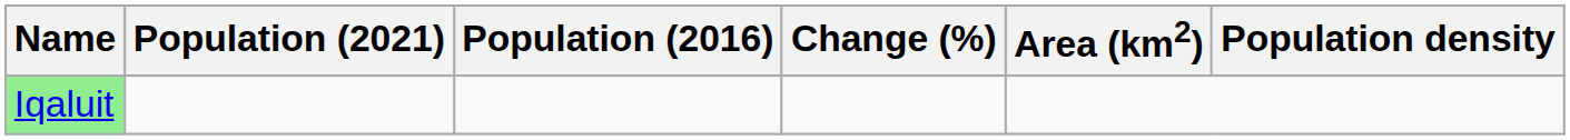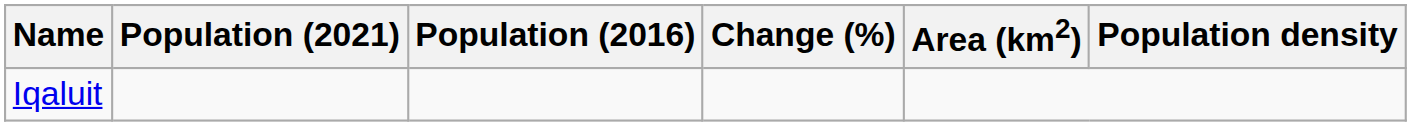 <table class="wikitable">
 <tr>
 <th>Name</th>
 <th>Population (2021)</th>
 <th>Population (2016)</th>
 <th>Change (%)</th>
 <th>Area (km<sup>2</sup>)</th>
 <th>Population density</th>
 </tr>
 <tr>
-<td style="background: lightgreen;"><a href='#'>Iqaluit</a></td>
+<td><a href='#'>Iqaluit</a></td>
 <td></td>
 <td align=right></td>
 <td align=right></td>
 </tr>
 </table>
